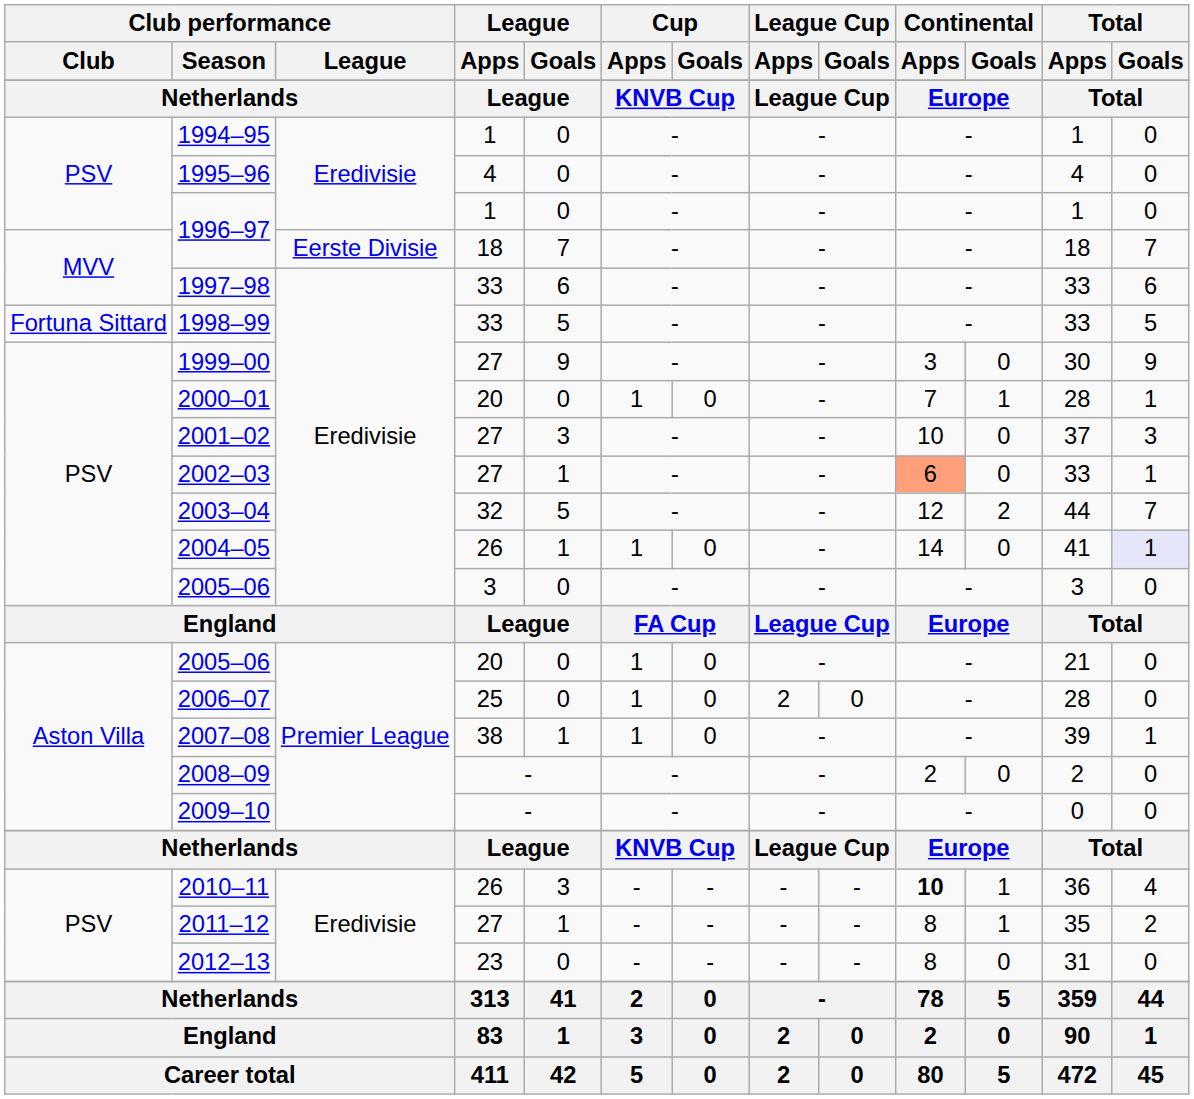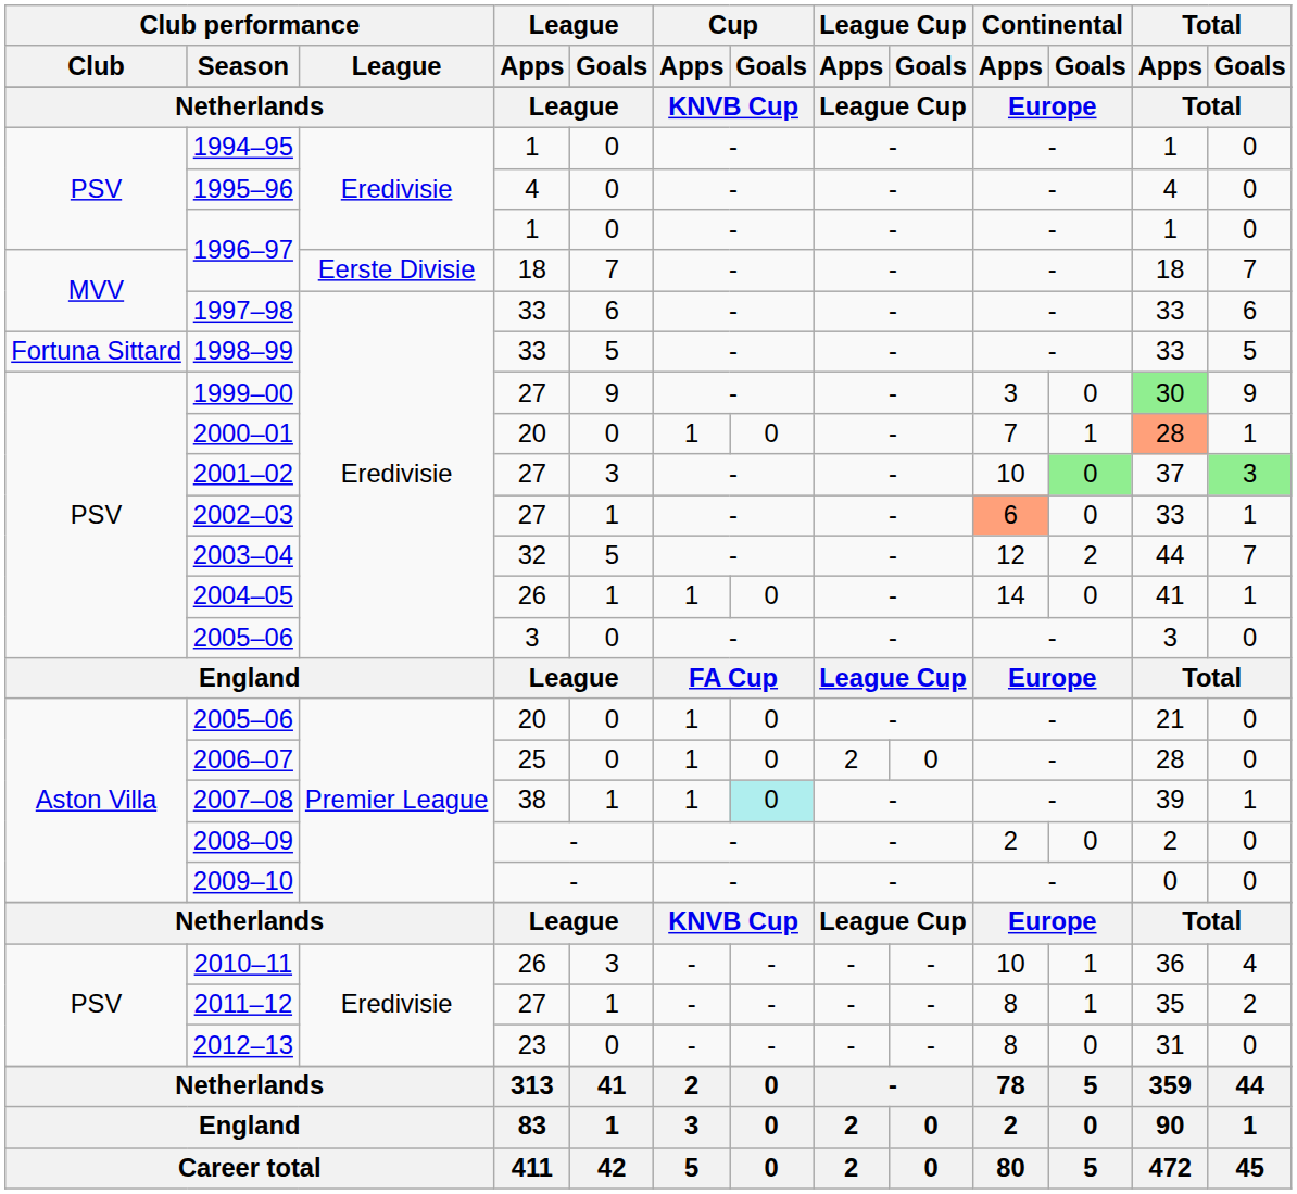 <table class="wikitable" style="text-align:center">
 <tr>
 <th colspan="3">Club performance</th>
 <th colspan=2>League</th>
 <th colspan=2>Cup</th>
 <th colspan=2>League Cup</th>
 <th colspan=2>Continental</th>
 <th colspan=2>Total</th>
 </tr>
 <tr>
 <th>Club</th>
 <th>Season</th>
 <th>League</th>
 <th>Apps</th>
 <th>Goals</th>
 <th>Apps</th>
 <th>Goals</th>
 <th>Apps</th>
 <th>Goals</th>
 <th>Apps</th>
 <th>Goals</th>
 <th>Apps</th>
 <th>Goals</th>
 </tr>
 <tr>
 </tr>
 <tr>
 <th colspan="3">Netherlands</th>
 <th colspan=2>League</th>
 <th colspan=2><a href='#'>KNVB Cup</a></th>
 <th colspan=2>League Cup</th>
 <th colspan=2><a href='#'>Europe</a></th>
 <th colspan=2>Total</th>
 </tr>
 <tr>
 <td rowspan="3"><a href='#'>PSV</a></td>
 <td><a href='#'>1994–95</a></td>
 <td rowspan="3"><a href='#'>Eredivisie</a></td>
 <td>1</td>
 <td>0</td>
 <td colspan="2">-</td>
 <td colspan="2">-</td>
 <td colspan="2">-</td>
 <td>1</td>
 <td>0</td>
 </tr>
 <tr colspan="2"|->
 <td><a href='#'>1995–96</a></td>
 <td>4</td>
 <td>0</td>
 <td colspan="2">-</td>
 <td colspan="2">-</td>
 <td colspan="2">-</td>
 <td>4</td>
 <td>0</td>
 </tr>
 <tr>
 <td rowspan="2"><a href='#'>1996–97</a></td>
 <td>1</td>
 <td>0</td>
 <td colspan="2">-</td>
 <td colspan="2">-</td>
 <td colspan="2">-</td>
 <td>1</td>
 <td>0</td>
 </tr>
 <tr>
 <td rowspan="2"><a href='#'>MVV</a></td>
 <td><a href='#'>Eerste Divisie</a></td>
 <td>18</td>
 <td>7</td>
 <td colspan="2">-</td>
 <td colspan="2">-</td>
 <td colspan="2">-</td>
 <td>18</td>
 <td>7</td>
 </tr>
 <tr>
 <td><a href='#'>1997–98</a></td>
 <td rowspan="9">Eredivisie</td>
 <td>33</td>
 <td>6</td>
 <td colspan="2">-</td>
 <td colspan="2">-</td>
 <td colspan="2">-</td>
 <td>33</td>
 <td>6</td>
 </tr>
 <tr>
 <td><a href='#'>Fortuna Sittard</a></td>
 <td><a href='#'>1998–99</a></td>
 <td>33</td>
 <td>5</td>
 <td colspan="2">-</td>
 <td colspan="2">-</td>
 <td colspan="2">-</td>
 <td>33</td>
 <td>5</td>
 </tr>
 <tr>
 <td rowspan="7">PSV</td>
 <td><a href='#'>1999–00</a></td>
 <td>27</td>
 <td>9</td>
 <td colspan="2">-</td>
 <td colspan="2">-</td>
 <td>3</td>
 <td>0</td>
-<td>30</td>
+<td style="background: lightgreen;">30</td>
 <td>9</td>
 </tr>
 <tr>
 <td><a href='#'>2000–01</a></td>
 <td>20</td>
 <td>0</td>
 <td>1</td>
 <td>0</td>
 <td colspan="2">-</td>
 <td>7</td>
 <td>1</td>
-<td>28</td>
+<td style="background: lightsalmon;">28</td>
 <td>1</td>
 </tr>
 <tr>
 <td><a href='#'>2001–02</a></td>
 <td>27</td>
 <td>3</td>
 <td colspan="2">-</td>
 <td colspan="2">-</td>
 <td>10</td>
-<td>0</td>
+<td style="background: lightgreen;">0</td>
 <td>37</td>
-<td>3</td>
+<td style="background: lightgreen;">3</td>
 </tr>
 <tr>
 <td><a href='#'>2002–03</a></td>
 <td>27</td>
 <td>1</td>
 <td colspan="2">-</td>
 <td colspan="2">-</td>
 <td style="background: lightsalmon;">6</td>
 <td>0</td>
 <td>33</td>
 <td>1</td>
 </tr>
 <tr>
 <td><a href='#'>2003–04</a></td>
 <td>32</td>
 <td>5</td>
 <td colspan="2">-</td>
 <td colspan="2">-</td>
 <td>12</td>
 <td>2</td>
 <td>44</td>
 <td>7</td>
 </tr>
 <tr>
 <td><a href='#'>2004–05</a></td>
 <td>26</td>
 <td>1</td>
 <td>1</td>
 <td>0</td>
 <td colspan="2">-</td>
 <td>14</td>
 <td>0</td>
 <td>41</td>
-<td style="background: lavender;">1</td>
+<td>1</td>
 </tr>
 <tr>
 <td><a href='#'>2005–06</a></td>
 <td>3</td>
 <td>0</td>
 <td colspan="2">-</td>
 <td colspan="2">-</td>
 <td colspan="2">-</td>
 <td>3</td>
 <td>0</td>
 </tr>
 <tr>
 <th colspan="3">England</th>
 <th colspan=2>League</th>
 <th colspan=2><a href='#'>FA Cup</a></th>
 <th colspan=2><a href='#'>League Cup</a></th>
 <th colspan=2><a href='#'>Europe</a></th>
 <th colspan=2>Total</th>
 </tr>
 <tr>
 <td rowspan="5"><a href='#'>Aston Villa</a></td>
 <td><a href='#'>2005–06</a></td>
 <td rowspan="5"><a href='#'>Premier League</a></td>
 <td>20</td>
 <td>0</td>
 <td>1</td>
 <td>0</td>
 <td colspan="2">-</td>
 <td colspan="2">-</td>
 <td>21</td>
 <td>0</td>
 </tr>
 <tr>
 <td><a href='#'>2006–07</a></td>
 <td>25</td>
 <td>0</td>
 <td>1</td>
 <td>0</td>
 <td>2</td>
 <td>0</td>
 <td colspan="2">-</td>
 <td>28</td>
 <td>0</td>
 </tr>
 <tr>
 <td><a href='#'>2007–08</a></td>
 <td>38</td>
 <td>1</td>
 <td>1</td>
-<td>0</td>
+<td style="background: paleturquoise;">0</td>
 <td colspan="2">-</td>
 <td colspan="2">-</td>
 <td>39</td>
 <td>1</td>
 </tr>
 <tr>
 <td><a href='#'>2008–09</a></td>
 <td colspan="2">-</td>
 <td colspan="2">-</td>
 <td colspan="2">-</td>
 <td>2</td>
 <td>0</td>
 <td>2</td>
 <td>0</td>
 </tr>
 <tr>
 <td><a href='#'>2009–10</a></td>
 <td colspan="2">-</td>
 <td colspan="2">-</td>
 <td colspan="2">-</td>
 <td colspan="2">-</td>
 <td>0</td>
 <td>0</td>
 </tr>
 <tr>
 </tr>
 <tr>
 <th colspan="3">Netherlands</th>
 <th colspan=2>League</th>
 <th colspan=2><a href='#'>KNVB Cup</a></th>
 <th colspan=2>League Cup</th>
 <th colspan=2><a href='#'>Europe</a></th>
 <th colspan=2>Total</th>
 </tr>
 <tr>
 <td rowspan="3">PSV</td>
 <td><a href='#'>2010–11</a></td>
 <td rowspan="3">Eredivisie</td>
 <td>26</td>
 <td>3</td>
 <td>-</td>
 <td>-</td>
 <td>-</td>
 <td>-</td>
-<td><strong>10</strong></td>
+<td>10</td>
 <td ->1</td>
 <td>36</td>
 <td>4</td>
 </tr>
 <tr>
 <td><a href='#'>2011–12</a></td>
 <td>27</td>
 <td>1</td>
 <td>-</td>
 <td>-</td>
 <td>-</td>
 <td>-</td>
 <td>8</td>
 <td>1</td>
 <td>35</td>
 <td>2</td>
 </tr>
 <tr>
 <td><a href='#'>2012–13</a></td>
 <td>23</td>
 <td>0</td>
 <td>-</td>
 <td>-</td>
 <td>-</td>
 <td>-</td>
 <td>8</td>
 <td>0</td>
 <td>31</td>
 <td>0</td>
 </tr>
 <tr>
 </tr>
 <tr>
 <th colspan="3">Netherlands</th>
 <th>313</th>
 <th>41</th>
 <th>2</th>
 <th>0</th>
 <th colspan="2">-</th>
 <th>78</th>
 <th>5</th>
 <th>359</th>
 <th>44</th>
 </tr>
 <tr>
 <th colspan="3">England</th>
 <th>83</th>
 <th>1</th>
 <th>3</th>
 <th>0</th>
 <th>2</th>
 <th>0</th>
 <th>2</th>
 <th>0</th>
 <th>90</th>
 <th>1</th>
 </tr>
 <tr>
 <th colspan="3">Career total</th>
 <th>411</th>
 <th>42</th>
 <th>5</th>
 <th>0</th>
 <th>2</th>
 <th>0</th>
 <th>80</th>
 <th>5</th>
 <th>472</th>
 <th>45</th>
 </tr>
 </table>
